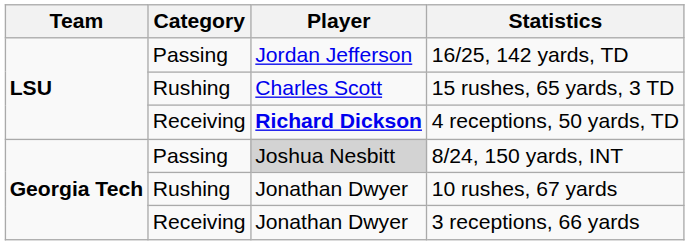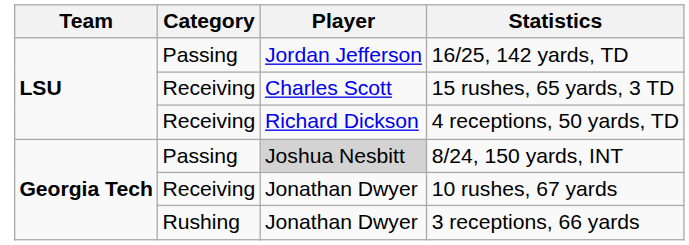 <table class="wikitable" style="float: right;">
 <tr>
 <th>Team</th>
 <th>Category</th>
 <th>Player</th>
 <th>Statistics</th>
 </tr>
 <tr>
 <td rowspan=3><strong>LSU</strong></td>
 <td>Passing</td>
 <td><a href='#'>Jordan Jefferson</a></td>
 <td>16/25, 142 yards, TD</td>
 </tr>
 <tr>
-<td>Rushing</td>
+<td>Receiving</td>
 <td><a href='#'>Charles Scott</a></td>
 <td>15 rushes, 65 yards, 3 TD</td>
 </tr>
 <tr>
 <td>Receiving</td>
-<td><strong><a href='#'>Richard Dickson</a></strong></td>
+<td><a href='#'>Richard Dickson</a></td>
 <td>4 receptions, 50 yards, TD</td>
 </tr>
 <tr>
 <td rowspan=3><strong>Georgia Tech</strong></td>
 <td>Passing</td>
 <td style="background: lightgrey;">Joshua Nesbitt</td>
 <td>8/24, 150 yards, INT</td>
 </tr>
 <tr>
-<td>Rushing</td>
+<td>Receiving</td>
 <td>Jonathan Dwyer</td>
 <td>10 rushes, 67 yards</td>
 </tr>
 <tr>
-<td>Receiving</td>
+<td>Rushing</td>
 <td>Jonathan Dwyer</td>
 <td>3 receptions, 66 yards</td>
 </tr>
 </table>
